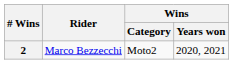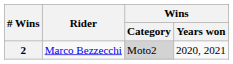 <table class="wikitable" style="font-size: 95%;">
 <tr>
 <th rowspan=2># Wins</th>
 <th rowspan=2>Rider</th>
 <th colspan=2>Wins</th>
 </tr>
 <tr>
 <th>Category</th>
 <th>Years won</th>
 </tr>
 <tr>
 <th>2</th>
 <td> <a href='#'>Marco Bezzecchi</a></td>
-<td>Moto2</td>
+<td style="background: lightgrey;">Moto2</td>
 <td>2020, 2021</td>
 </tr>
 </table>
